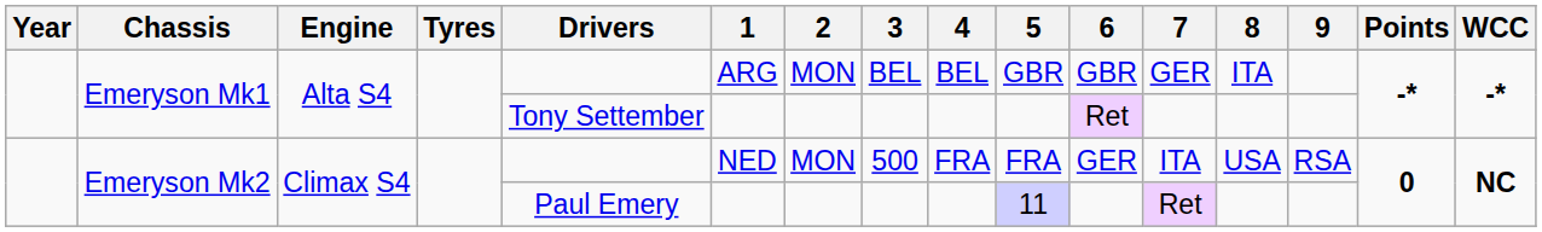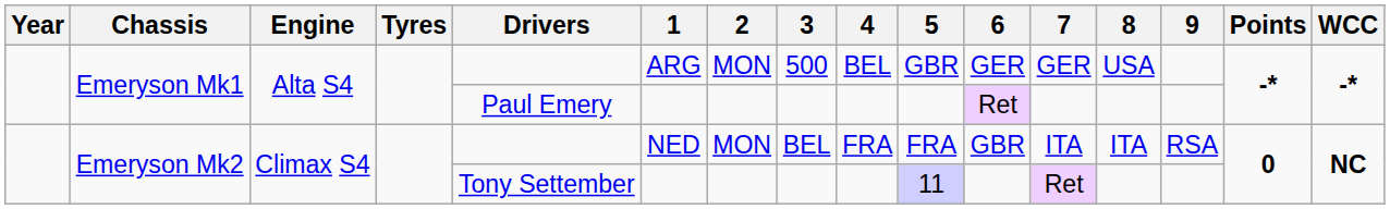 <table class="wikitable" style="text-align:center; font-size:95%">
 <tr>
 <th>Year</th>
 <th>Chassis</th>
 <th>Engine</th>
 <th>Tyres</th>
 <th>Drivers</th>
 <th>1</th>
 <th>2</th>
 <th>3</th>
 <th>4</th>
 <th>5</th>
 <th>6</th>
 <th>7</th>
 <th>8</th>
 <th>9</th>
 <th>Points</th>
 <th>WCC</th>
 </tr>
 <tr>
 <td rowspan="2"></td>
 <td rowspan="2"><a href='#'>Emeryson Mk1</a></td>
 <td rowspan="2"><a href='#'>Alta</a> <a href='#'>S4</a></td>
 <td rowspan="2"></td>
 <td></td>
 <td><a href='#'>ARG</a></td>
 <td><a href='#'>MON</a></td>
-<td><a href='#'>BEL</a></td>
+<td><a href='#'>500</a></td>
 <td><a href='#'>BEL</a></td>
 <td><a href='#'>GBR</a></td>
-<td><a href='#'>GBR</a></td>
 <td><a href='#'>GER</a></td>
-<td><a href='#'>ITA</a></td>
+<td><a href='#'>GER</a></td>
+<td><a href='#'>USA</a></td>
 <td></td>
 <td rowspan="2"><strong>-*</strong></td>
 <td rowspan="2"><strong>-*</strong></td>
 </tr>
 <tr>
-<td><a href='#'>Tony Settember</a></td>
+<td><a href='#'>Paul Emery</a></td>
 <td></td>
 <td></td>
 <td></td>
 <td></td>
 <td></td>
 <td style="background:#EFCFFF;">Ret</td>
 <td></td>
 <td></td>
 <td></td>
 </tr>
 <tr>
 <td rowspan="2"></td>
 <td rowspan="2"><a href='#'>Emeryson Mk2</a></td>
 <td rowspan="2"><a href='#'>Climax</a> <a href='#'>S4</a></td>
 <td rowspan="2"></td>
 <td></td>
 <td><a href='#'>NED</a></td>
 <td><a href='#'>MON</a></td>
-<td><a href='#'>500</a></td>
+<td><a href='#'>BEL</a></td>
 <td><a href='#'>FRA</a></td>
 <td><a href='#'>FRA</a></td>
-<td><a href='#'>GER</a></td>
+<td><a href='#'>GBR</a></td>
 <td><a href='#'>ITA</a></td>
-<td><a href='#'>USA</a></td>
+<td><a href='#'>ITA</a></td>
 <td><a href='#'>RSA</a></td>
 <td rowspan="2"><strong>0</strong></td>
 <td rowspan="2"><strong>NC</strong></td>
 </tr>
 <tr>
-<td><a href='#'>Paul Emery</a></td>
+<td><a href='#'>Tony Settember</a></td>
 <td></td>
 <td></td>
 <td></td>
 <td></td>
 <td style="background:#CFCFFF;">11</td>
 <td></td>
 <td style="background:#EFCFFF;">Ret</td>
 <td></td>
 <td></td>
 </tr>
 </table>
